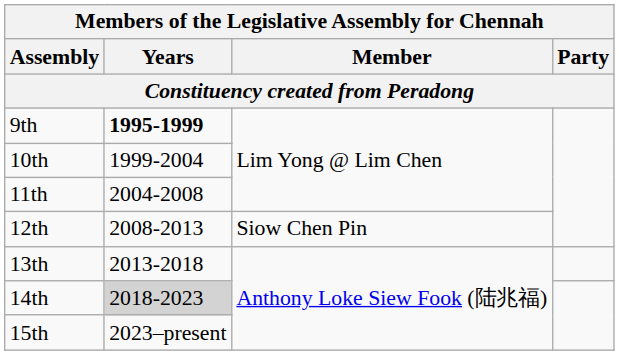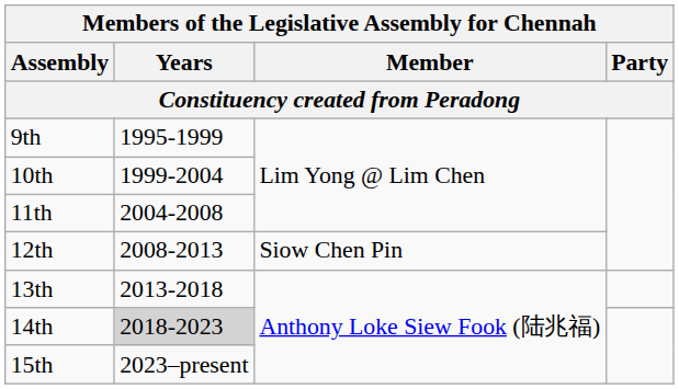 <table class=wikitable>
 <tr>
 <th colspan=4>Members of the Legislative Assembly for Chennah</th>
 </tr>
 <tr>
 <th>Assembly</th>
 <th>Years</th>
 <th>Member</th>
 <th>Party</th>
 </tr>
 <tr>
 <th colspan=4 align=center><em>Constituency created from Peradong</em></th>
 </tr>
 <tr>
 <td>9th</td>
-<td><strong>1995-1999</strong></td>
+<td>1995-1999</td>
 <td rowspan="3">Lim Yong @ Lim Chen</td>
 <td rowspan="4"></td>
 </tr>
 <tr>
 <td>10th</td>
 <td>1999-2004</td>
 </tr>
 <tr>
 <td>11th</td>
 <td>2004-2008</td>
 </tr>
 <tr>
 <td>12th</td>
 <td>2008-2013</td>
 <td>Siow Chen Pin</td>
 </tr>
 <tr>
 <td>13th</td>
 <td>2013-2018</td>
 <td rowspan="3"><a href='#'>Anthony Loke Siew Fook</a> (陆兆福)</td>
 <td></td>
 </tr>
 <tr>
 <td>14th</td>
 <td style="background: lightgrey;">2018-2023</td>
 <td rowspan="2"></td>
 </tr>
 <tr>
 <td>15th</td>
 <td>2023–present</td>
 </tr>
 </table>
